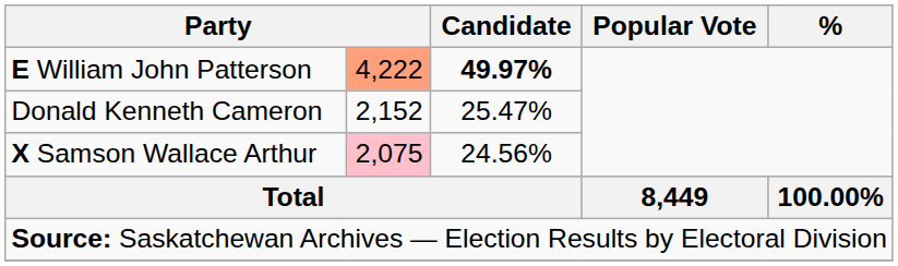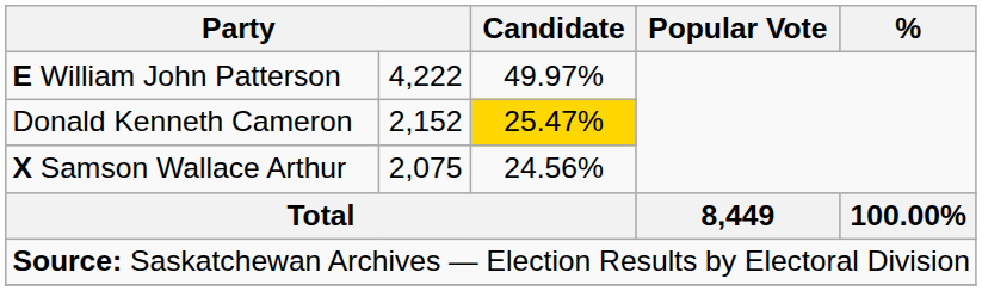 <table class="wikitable">
 <tr>
 <th colspan="2">Party</th>
 <th>Candidate</th>
 <th>Popular Vote</th>
 <th>%</th>
 </tr>
 <tr>
 <td><strong>E</strong> William John Patterson</td>
-<td align=center style="background: lightsalmon;">4,222</td>
-<td align=center><strong>49.97%</strong></td>
+<td align=center>4,222</td>
+<td align=center>49.97%</td>
 </tr>
 <tr>
 <td>Donald Kenneth Cameron</td>
 <td align=center>2,152</td>
-<td align=center>25.47%</td>
+<td align=center style="background: gold;">25.47%</td>
 </tr>
 <tr>
 <td><strong>X</strong> Samson Wallace Arthur</td>
-<td align=center style="background: pink;">2,075</td>
+<td align=center>2,075</td>
 <td align=center>24.56%</td>
 </tr>
 <tr>
 <th colspan=3>Total</th>
 <th>8,449</th>
 <th>100.00%</th>
 </tr>
 <tr>
 <td align="center" colspan=5><strong>Source:</strong> Saskatchewan Archives — Election Results by Electoral Division</td>
 </tr>
 <tr>
 </tr>
 </table>
